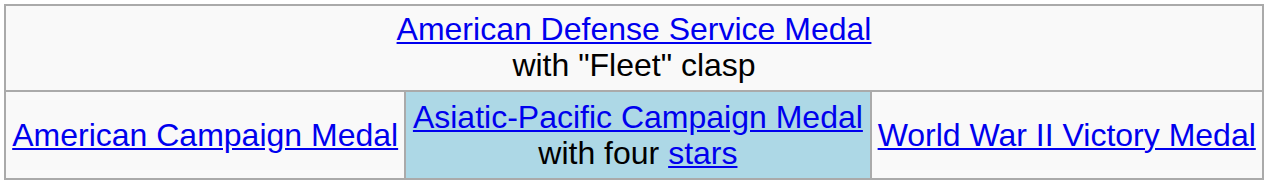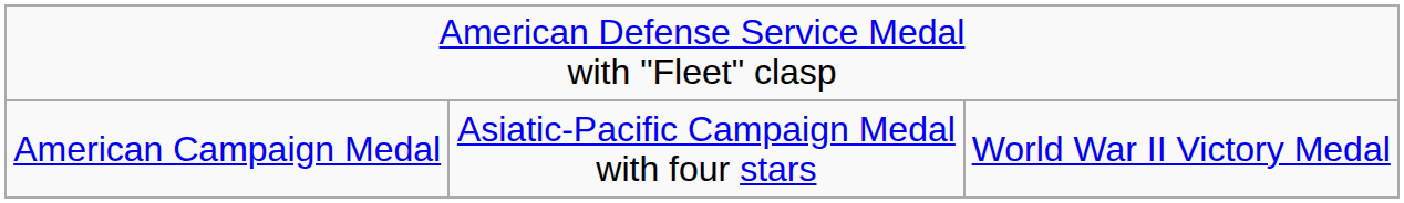 <table class="wikitable" style="margin:1em auto; text-align:center;">
 <tr>
 <td colspan=3><a href='#'>American Defense Service Medal</a><br>with "Fleet" clasp</td>
 </tr>
 <tr>
 <td><a href='#'>American Campaign Medal</a></td>
-<td style="background: lightblue;"><a href='#'>Asiatic-Pacific Campaign Medal</a><br>with four <a href='#'>stars</a></td>
+<td><a href='#'>Asiatic-Pacific Campaign Medal</a><br>with four <a href='#'>stars</a></td>
 <td><a href='#'>World War II Victory Medal</a></td>
 </tr>
 </table>
